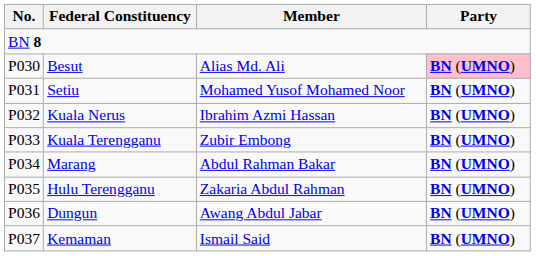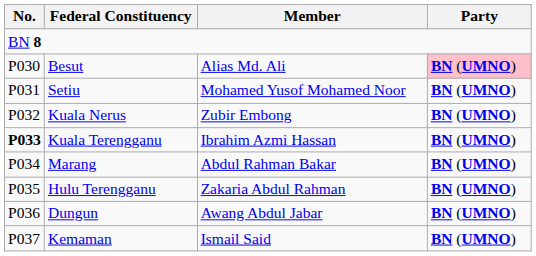 <table class="wikitable sortable">
 <tr>
 <th style="width:30px;">No.</th>
 <th style="width:150px;">Federal Constituency</th>
 <th style="width:230px;">Member</th>
 <th style="width:100px;">Party</th>
 </tr>
 <tr>
 <td colspan="4"><a href='#'>BN</a> <strong>8</strong></td>
 </tr>
 <tr>
 <td>P030</td>
 <td><a href='#'>Besut</a></td>
 <td><a href='#'>Alias Md. Ali</a></td>
 <td style="background: pink;"><strong><a href='#'>BN</a></strong> (<strong><a href='#'>UMNO</a></strong>)</td>
 </tr>
 <tr>
 <td>P031</td>
 <td><a href='#'>Setiu</a></td>
 <td><a href='#'>Mohamed Yusof Mohamed Noor</a></td>
 <td><strong><a href='#'>BN</a></strong> (<strong><a href='#'>UMNO</a></strong>)</td>
 </tr>
 <tr>
 <td>P032</td>
 <td><a href='#'>Kuala Nerus</a></td>
-<td><a href='#'>Ibrahim Azmi Hassan</a></td>
+<td><a href='#'>Zubir Embong</a></td>
 <td><strong><a href='#'>BN</a></strong> (<strong><a href='#'>UMNO</a></strong>)</td>
 </tr>
 <tr>
-<td>P033</td>
+<td><strong>P033</strong></td>
 <td><a href='#'>Kuala Terengganu</a></td>
-<td><a href='#'>Zubir Embong</a></td>
+<td><a href='#'>Ibrahim Azmi Hassan</a></td>
 <td><strong><a href='#'>BN</a></strong> (<strong><a href='#'>UMNO</a></strong>)</td>
 </tr>
 <tr>
 <td>P034</td>
 <td><a href='#'>Marang</a></td>
 <td><a href='#'>Abdul Rahman Bakar</a></td>
 <td><strong><a href='#'>BN</a></strong> (<strong><a href='#'>UMNO</a></strong>)</td>
 </tr>
 <tr>
 <td>P035</td>
 <td><a href='#'>Hulu Terengganu</a></td>
 <td><a href='#'>Zakaria Abdul Rahman</a></td>
 <td><strong><a href='#'>BN</a></strong> (<strong><a href='#'>UMNO</a></strong>)</td>
 </tr>
 <tr>
 <td>P036</td>
 <td><a href='#'>Dungun</a></td>
 <td><a href='#'>Awang Abdul Jabar</a></td>
 <td><strong><a href='#'>BN</a></strong> (<strong><a href='#'>UMNO</a></strong>)</td>
 </tr>
 <tr>
 <td>P037</td>
 <td><a href='#'>Kemaman</a></td>
 <td><a href='#'>Ismail Said</a></td>
 <td><strong><a href='#'>BN</a></strong> (<strong><a href='#'>UMNO</a></strong>)</td>
 </tr>
 </table>
